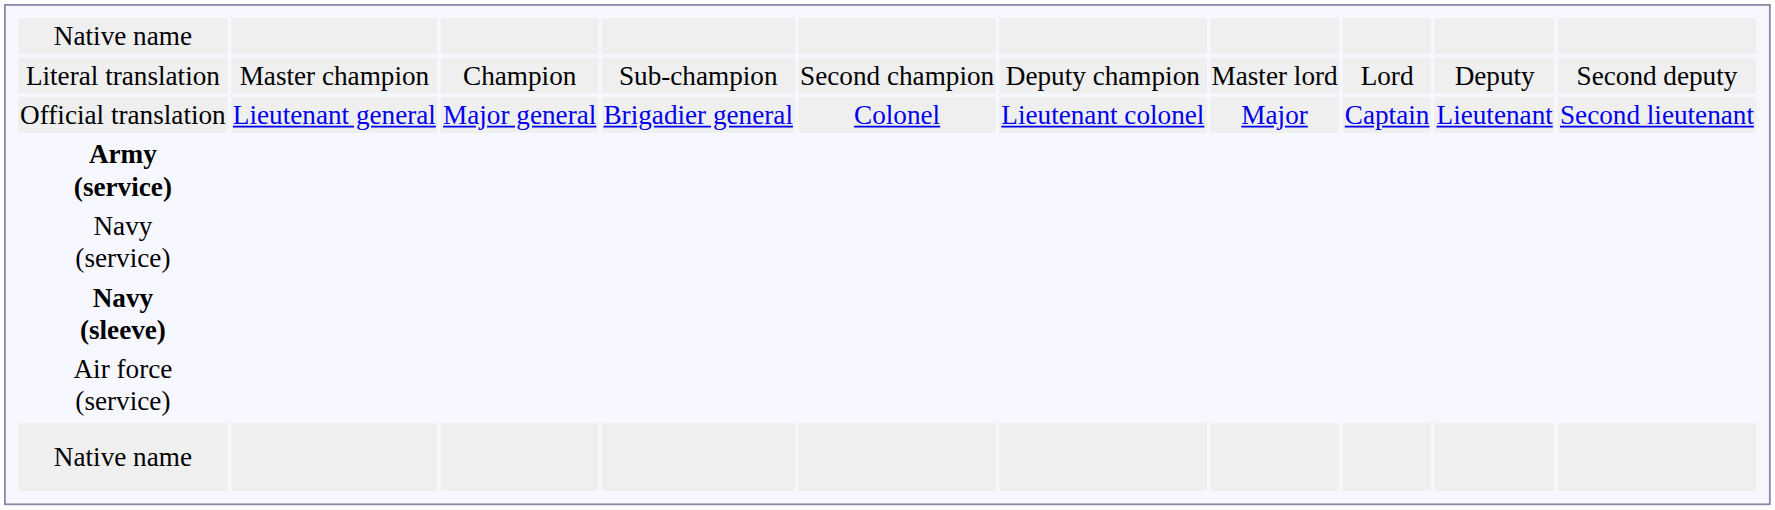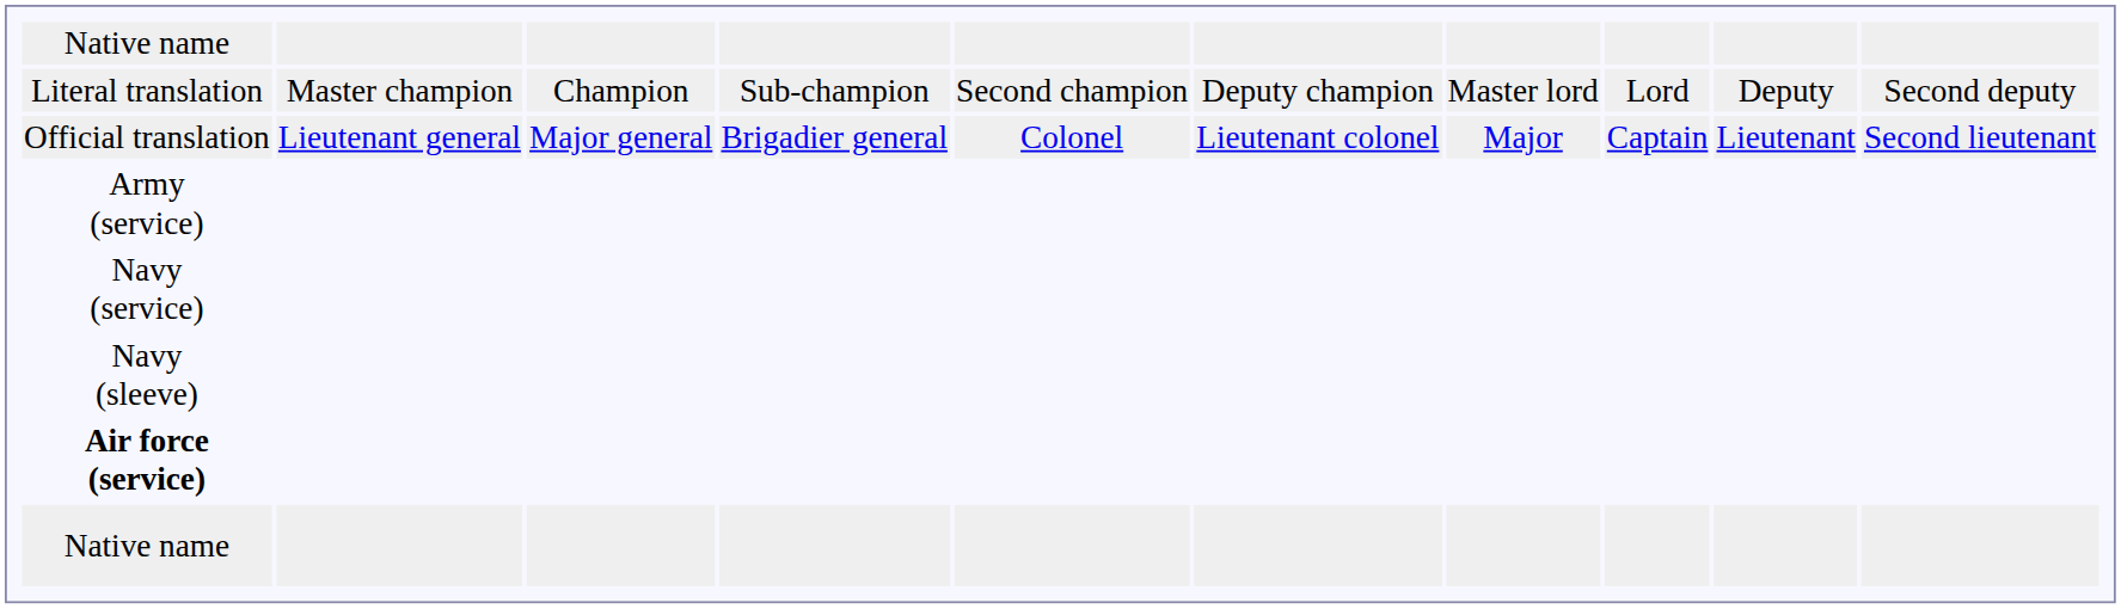 <table style="border:1px solid #8888aa; background-color:#f7f8ff; padding:5px; font-size:95%; margin: 0px 12px 12px 0px;">
 <tr style="text-align:center; background:#efefef;">
 <td>Native name</td>
 <td colspan=6><br></td>
 <td colspan=2><br></td>
 <td colspan=2><br></td>
 <td colspan=2><br></td>
 <td colspan=2><br></td>
 <td colspan=2><br></td>
 <td colspan=2><br></td>
 <td colspan=3><br></td>
 <td colspan=3><br></td>
 </tr>
 <tr style="text-align:center; background:#efefef;">
 <td>Literal translation</td>
 <td colspan=6>Master champion</td>
 <td colspan=2>Champion</td>
 <td colspan=2>Sub-champion</td>
 <td colspan=2>Second champion</td>
 <td colspan=2>Deputy champion</td>
 <td colspan=2>Master lord</td>
 <td colspan=2>Lord</td>
 <td colspan=3>Deputy</td>
 <td colspan=3>Second deputy</td>
 </tr>
 <tr style="text-align:center; background:#efefef;">
 <td>Official translation</td>
 <td colspan=6><a href='#'>Lieutenant general</a></td>
 <td colspan=2><a href='#'>Major general</a></td>
 <td colspan=2><a href='#'>Brigadier general</a></td>
 <td colspan=2><a href='#'>Colonel</a></td>
 <td colspan=2><a href='#'>Lieutenant colonel</a></td>
 <td colspan=2><a href='#'>Major</a></td>
 <td colspan=2><a href='#'>Captain</a></td>
 <td colspan=3><a href='#'>Lieutenant</a></td>
 <td colspan=3><a href='#'>Second lieutenant</a></td>
 </tr>
 <tr style="text-align:center;">
-<td><strong>Army<br>(service)</strong></td>
+<td>Army<br>(service)</td>
 <td colspan=6></td>
 <td colspan=2></td>
 <td colspan=2></td>
 <td colspan=2></td>
 <td colspan=2></td>
 <td colspan=2></td>
 <td colspan=2></td>
 <td colspan=3></td>
 <td colspan=3></td>
 </tr>
 <tr style="text-align:center;">
 <td>Navy<br>(service)</td>
 <td colspan=6></td>
 <td colspan=2></td>
 <td colspan=2></td>
 <td colspan=2></td>
 <td colspan=2></td>
 <td colspan=2></td>
 <td colspan=2></td>
 <td colspan=3></td>
 <td colspan=3></td>
 </tr>
 <tr style="text-align:center;">
-<td><strong>Navy<br>(sleeve)</strong></td>
+<td>Navy<br>(sleeve)</td>
 <td colspan=6></td>
 <td colspan=2></td>
 <td colspan=2></td>
 <td colspan=2></td>
 <td colspan=2></td>
 <td colspan=2></td>
 <td colspan=2></td>
 <td colspan=3></td>
 <td colspan=3></td>
 </tr>
 <tr style="text-align:center;">
-<td>Air force<br>(service)</td>
+<td><strong>Air force<br>(service)</strong></td>
 <td colspan=6></td>
 <td colspan=2></td>
 <td colspan=2></td>
 <td colspan=2></td>
 <td colspan=2></td>
 <td colspan=2></td>
 <td colspan=2></td>
 <td colspan=3></td>
 <td colspan=3></td>
 </tr>
 <tr style="text-align:center; background:#efefef;">
 <td>Native name</td>
 <td colspan=6><br></td>
 <td colspan=2><br></td>
 <td colspan=2><br></td>
 <td colspan=2><br></td>
 <td colspan=2><br></td>
 <td colspan=2><br></td>
 <td colspan=2><br></td>
 <td colspan=3><br></td>
 <td colspan=3><br><br></td>
 </tr>
 </table>
